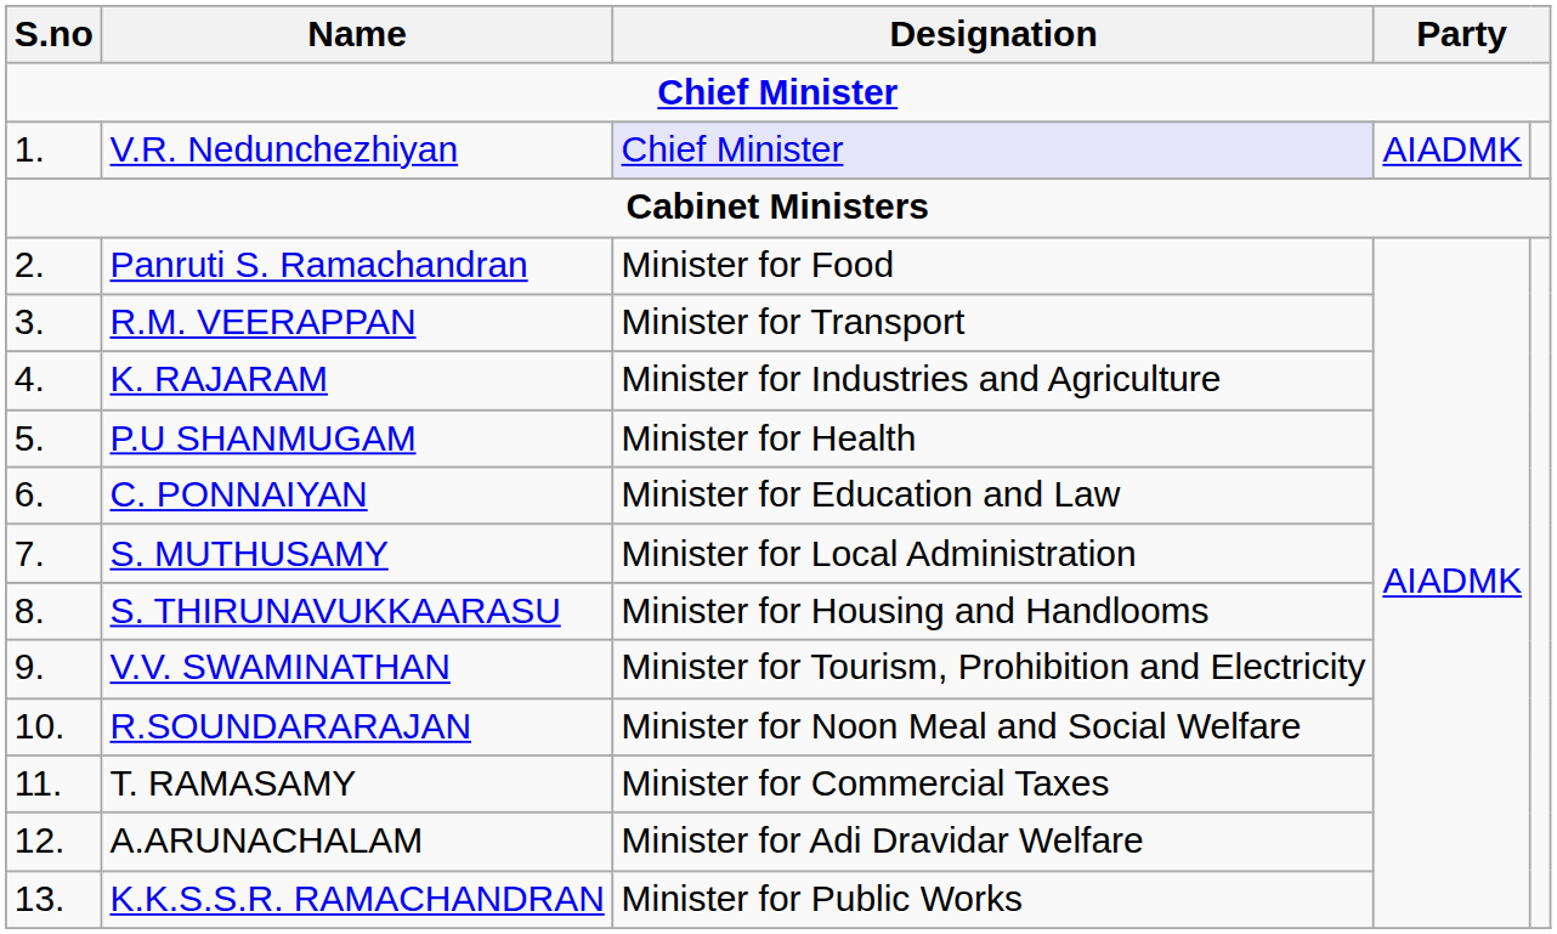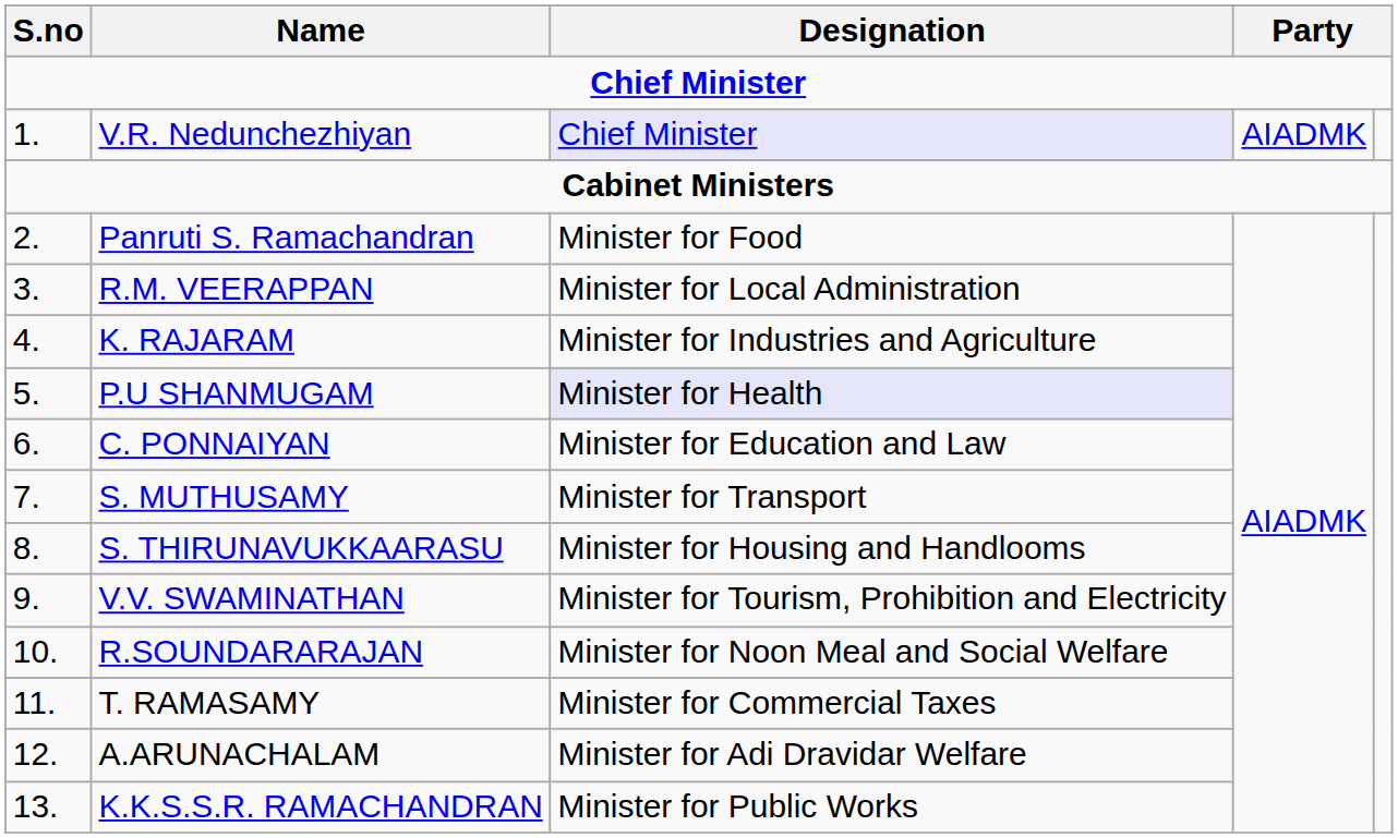 <table class="wikitable">
 <tr>
 <th>S.no</th>
 <th>Name</th>
 <th>Designation</th>
 <th colspan="2" scope="col">Party</th>
 </tr>
 <tr>
 <td colspan="5" style="text-align: center;"><strong><a href='#'>Chief Minister</a></strong></td>
 </tr>
 <tr>
 <td>1.</td>
 <td><a href='#'>V.R. Nedunchezhiyan</a></td>
 <td style="background: lavender;"><a href='#'>Chief Minister</a></td>
 <td><a href='#'>AIADMK</a></td>
 <td width="1px" style="background-color: "></td>
 </tr>
 <tr>
 <td colspan="5" style="text-align: center;"><strong>Cabinet Ministers</strong></td>
 </tr>
 <tr>
 <td>2.</td>
 <td><a href='#'>Panruti S. Ramachandran</a></td>
 <td>Minister for Food</td>
 <td rowspan="32"><a href='#'>AIADMK</a></td>
 <td rowspan="32" width="1px" style="background-color: "></td>
 </tr>
 <tr>
 <td>3.</td>
 <td><a href='#'>R.M. VEERAPPAN</a></td>
-<td>Minister for Transport</td>
+<td>Minister for Local Administration</td>
 </tr>
 <tr>
 <td>4.</td>
 <td><a href='#'>K. RAJARAM</a></td>
 <td>Minister for Industries and Agriculture</td>
 </tr>
 <tr>
 <td>5.</td>
 <td><a href='#'>P.U SHANMUGAM</a></td>
-<td>Minister for Health</td>
+<td style="background: lavender;">Minister for Health</td>
 </tr>
 <tr>
 <td>6.</td>
 <td><a href='#'>C. PONNAIYAN</a></td>
 <td>Minister for Education and Law</td>
 </tr>
 <tr>
 <td>7.</td>
 <td><a href='#'>S. MUTHUSAMY</a></td>
-<td>Minister for Local Administration</td>
+<td>Minister for Transport</td>
 </tr>
 <tr>
 <td>8.</td>
 <td><a href='#'>S. THIRUNAVUKKAARASU</a></td>
 <td>Minister for Housing and Handlooms</td>
 </tr>
 <tr>
 <td>9.</td>
 <td><a href='#'>V.V. SWAMINATHAN</a></td>
 <td>Minister for Tourism, Prohibition and Electricity</td>
 </tr>
 <tr>
 <td>10.</td>
 <td><a href='#'>R.SOUNDARARAJAN</a></td>
 <td>Minister for Noon Meal and Social Welfare</td>
 </tr>
 <tr>
 <td>11.</td>
 <td>T. RAMASAMY</td>
 <td>Minister for Commercial Taxes</td>
 </tr>
 <tr>
 <td>12.</td>
 <td>A.ARUNACHALAM</td>
 <td>Minister for Adi Dravidar Welfare</td>
 </tr>
 <tr>
 <td>13.</td>
 <td><a href='#'>K.K.S.S.R. RAMACHANDRAN</a></td>
 <td>Minister for Public Works</td>
 </tr>
 </table>
